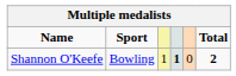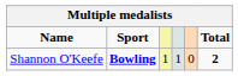 <table class=wikitable style=font-size:85%;float:right;text-align:center>
 <tr>
 <th colspan=7>Multiple medalists</th>
 </tr>
 <tr>
 <td><strong>Name</strong></td>
 <td><strong>Sport</strong></td>
 <td bgcolor=F7F6A8></td>
 <td bgcolor=DCE5E5></td>
 <td bgcolor=FFDAB9></td>
 <td><strong>Total</strong></td>
 </tr>
 <tr>
 <td><a href='#'>Shannon O'Keefe</a></td>
-<td><a href='#'>Bowling</a></td>
+<td><strong><a href='#'>Bowling</a></strong></td>
 <td bgcolor=F7F6A8>1</td>
-<td bgcolor=DCE5E5><strong>1</strong></td>
+<td bgcolor=DCE5E5>1</td>
 <td bgcolor=FFDAB9>0</td>
 <td><strong>2</strong></td>
 </tr>
 </table>
